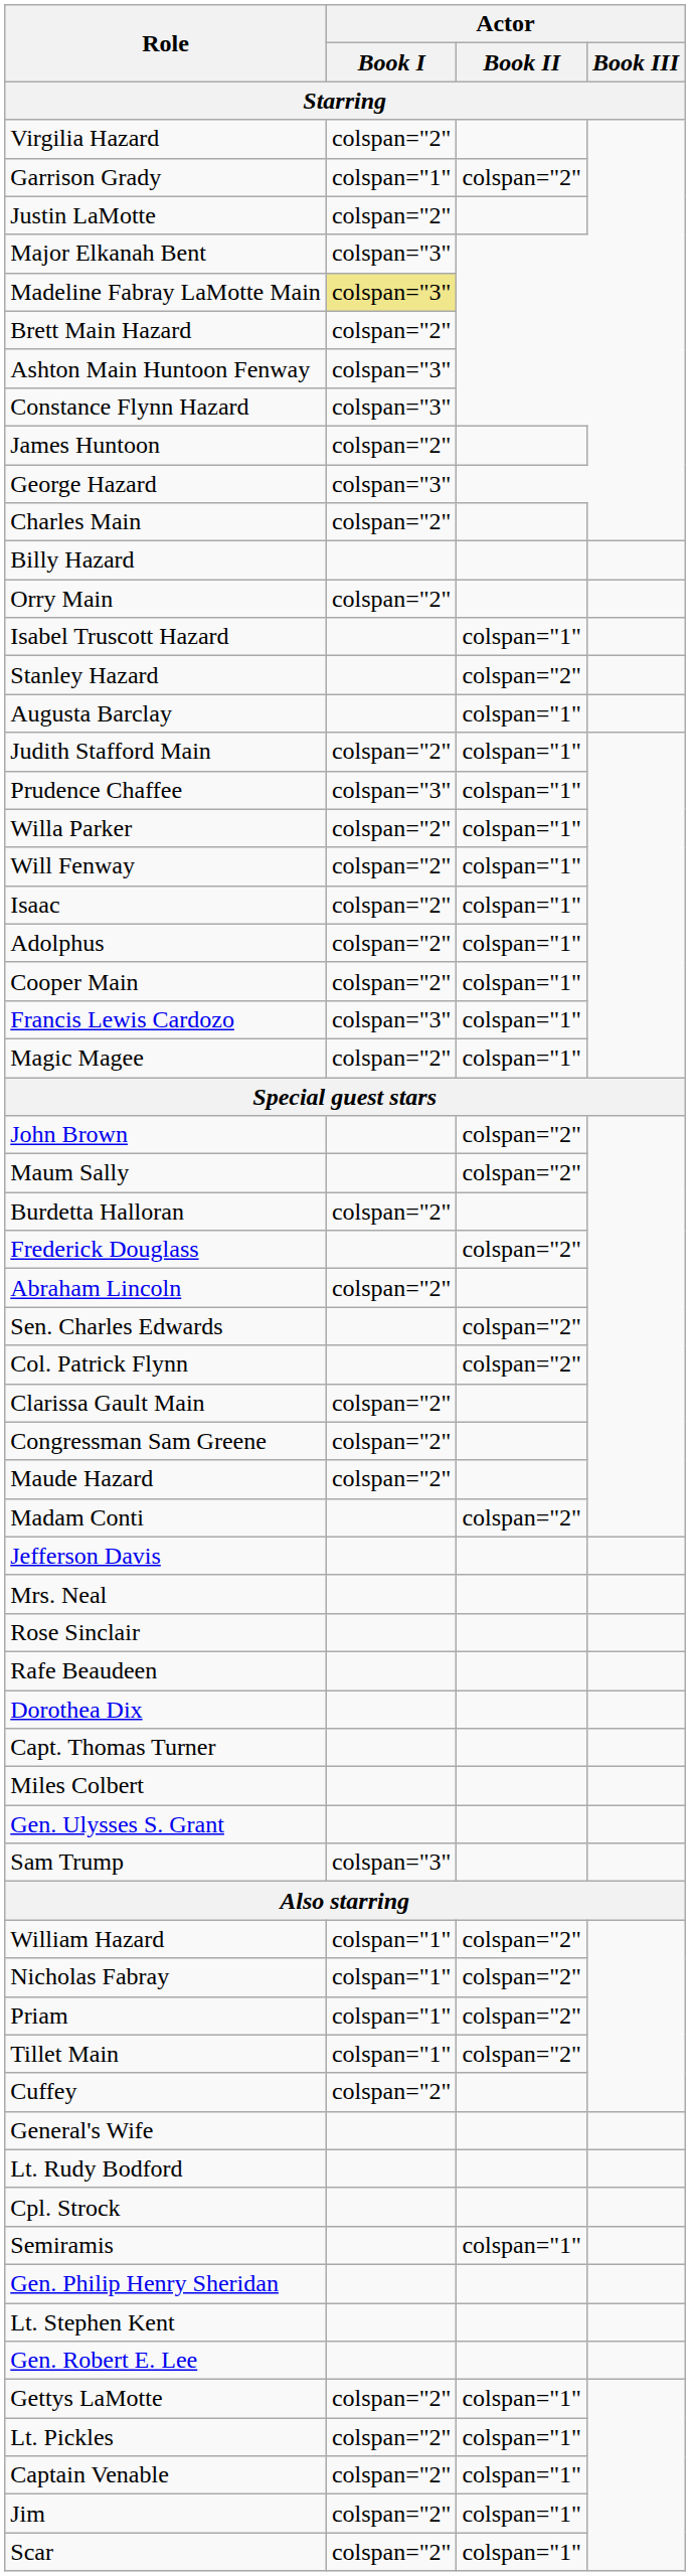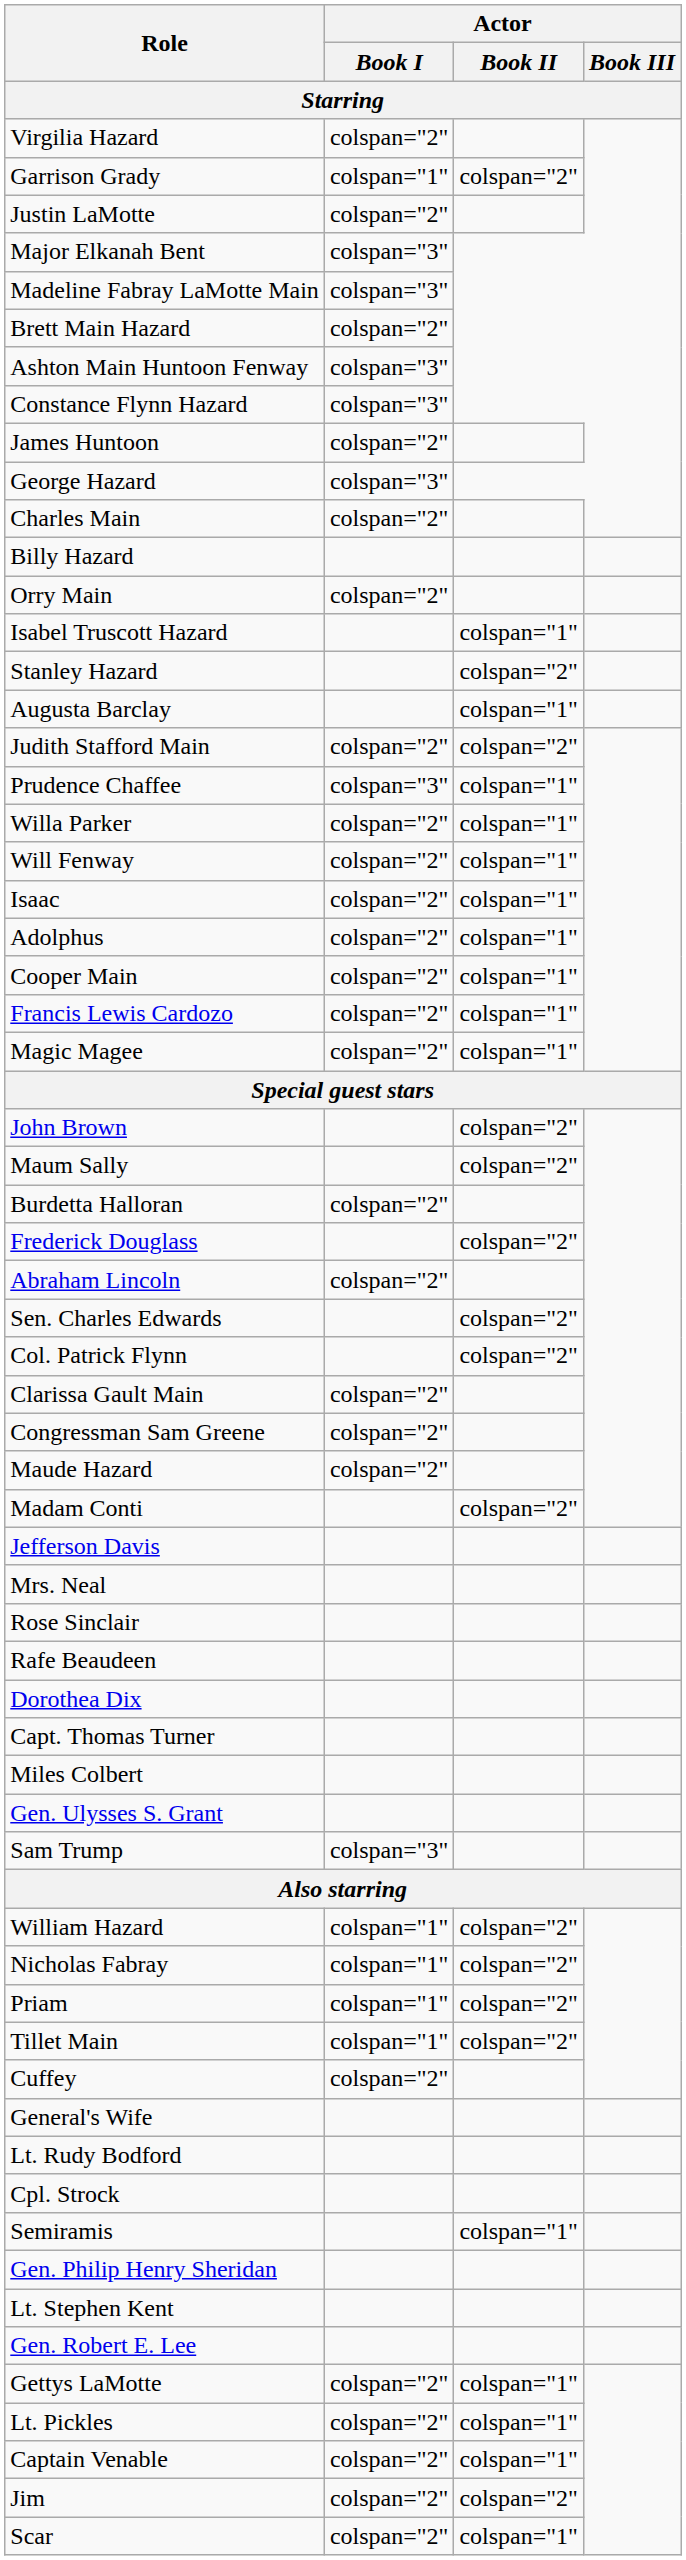 <table class="wikitable">
 <tr>
 <th rowspan="2">Role</th>
 <th colspan="3">Actor</th>
 </tr>
 <tr>
 <th><em>Book I</em></th>
 <th><em>Book II</em></th>
 <th><em>Book III</em></th>
 </tr>
 <tr>
 <th colspan="5"><em>Starring</em></th>
 </tr>
 <tr>
 <td>Virgilia Hazard</td>
 <td>colspan="2" </td>
 <td></td>
 </tr>
 <tr>
 <td>Garrison Grady</td>
 <td>colspan="1" </td>
 <td>colspan="2" </td>
 </tr>
 <tr>
 <td>Justin LaMotte</td>
 <td>colspan="2" </td>
 <td></td>
 </tr>
 <tr>
 <td>Major Elkanah Bent</td>
 <td>colspan="3" </td>
 </tr>
 <tr>
 <td>Madeline Fabray LaMotte Main</td>
-<td style="background: khaki;">colspan="3" </td>
+<td>colspan="3" </td>
 </tr>
 <tr>
 <td>Brett Main Hazard</td>
 <td>colspan="2" </td>
 </tr>
 <tr>
 <td>Ashton Main Huntoon Fenway</td>
 <td>colspan="3" </td>
 </tr>
 <tr>
 <td>Constance Flynn Hazard</td>
 <td>colspan="3" </td>
 </tr>
 <tr>
 <td>James Huntoon</td>
 <td>colspan="2" </td>
 <td></td>
 </tr>
 <tr>
 <td>George Hazard</td>
 <td>colspan="3" </td>
 </tr>
 <tr>
 <td>Charles Main</td>
 <td>colspan="2" </td>
 <td></td>
 </tr>
 <tr>
 <td>Billy Hazard</td>
 <td></td>
 <td></td>
 <td></td>
 </tr>
 <tr>
 <td>Orry Main</td>
 <td>colspan="2" </td>
 <td></td>
 </tr>
 <tr>
 <td>Isabel Truscott Hazard</td>
 <td></td>
 <td>colspan="1" </td>
 <td></td>
 </tr>
 <tr>
 <td>Stanley Hazard</td>
 <td></td>
 <td>colspan="2" </td>
 </tr>
 <tr>
 <td>Augusta Barclay</td>
 <td></td>
 <td>colspan="1" </td>
 <td></td>
 </tr>
 <tr>
 <td>Judith Stafford Main</td>
 <td>colspan="2" </td>
-<td>colspan="1" </td>
+<td>colspan="2" </td>
 </tr>
 <tr>
 <td>Prudence Chaffee</td>
 <td>colspan="3" </td>
 <td>colspan="1" </td>
 </tr>
 <tr>
 <td>Willa Parker</td>
 <td>colspan="2" </td>
 <td>colspan="1" </td>
 </tr>
 <tr>
 <td>Will Fenway</td>
 <td>colspan="2" </td>
 <td>colspan="1" </td>
 </tr>
 <tr>
 <td>Isaac</td>
 <td>colspan="2" </td>
 <td>colspan="1" </td>
 </tr>
 <tr>
 <td>Adolphus</td>
 <td>colspan="2" </td>
 <td>colspan="1" </td>
 </tr>
 <tr>
 <td>Cooper Main</td>
 <td>colspan="2" </td>
 <td>colspan="1" </td>
 </tr>
 <tr>
 <td><a href='#'>Francis Lewis Cardozo</a></td>
-<td>colspan="3" </td>
+<td>colspan="2" </td>
 <td>colspan="1" </td>
 </tr>
 <tr>
 <td>Magic Magee</td>
 <td>colspan="2" </td>
 <td>colspan="1" </td>
 </tr>
 <tr>
 <th colspan="5"><em>Special guest stars</em></th>
 </tr>
 <tr>
 <td><a href='#'>John Brown</a></td>
 <td></td>
 <td>colspan="2" </td>
 </tr>
 <tr>
 <td>Maum Sally</td>
 <td></td>
 <td>colspan="2" </td>
 </tr>
 <tr>
 <td>Burdetta Halloran</td>
 <td>colspan="2" </td>
 <td></td>
 </tr>
 <tr>
 <td><a href='#'>Frederick Douglass</a></td>
 <td></td>
 <td>colspan="2" </td>
 </tr>
 <tr>
 <td><a href='#'>Abraham Lincoln</a></td>
 <td>colspan="2" </td>
 <td></td>
 </tr>
 <tr>
 <td>Sen. Charles Edwards</td>
 <td></td>
 <td>colspan="2" </td>
 </tr>
 <tr>
 <td>Col. Patrick Flynn</td>
 <td></td>
 <td>colspan="2" </td>
 </tr>
 <tr>
 <td>Clarissa Gault Main</td>
 <td>colspan="2" </td>
 <td></td>
 </tr>
 <tr>
 <td>Congressman Sam Greene</td>
 <td>colspan="2" </td>
 <td></td>
 </tr>
 <tr>
 <td>Maude Hazard</td>
 <td>colspan="2" </td>
 <td></td>
 </tr>
 <tr>
 <td>Madam Conti</td>
 <td></td>
 <td>colspan="2" </td>
 </tr>
 <tr>
 <td><a href='#'>Jefferson Davis</a></td>
 <td></td>
 <td></td>
 <td></td>
 </tr>
 <tr>
 <td>Mrs. Neal</td>
 <td></td>
 <td></td>
 <td></td>
 </tr>
 <tr>
 <td>Rose Sinclair</td>
 <td></td>
 <td></td>
 <td></td>
 </tr>
 <tr>
 <td>Rafe Beaudeen</td>
 <td></td>
 <td></td>
 <td></td>
 </tr>
 <tr>
 <td><a href='#'>Dorothea Dix</a></td>
 <td></td>
 <td></td>
 <td></td>
 </tr>
 <tr>
 <td>Capt. Thomas Turner</td>
 <td></td>
 <td></td>
 <td></td>
 </tr>
 <tr>
 <td>Miles Colbert</td>
 <td></td>
 <td></td>
 <td></td>
 </tr>
 <tr>
 <td><a href='#'>Gen. Ulysses S. Grant</a></td>
 <td></td>
 <td></td>
 <td></td>
 </tr>
 <tr>
 <td>Sam Trump</td>
 <td>colspan="3" </td>
 <td></td>
 </tr>
 <tr>
 <th colspan="5"><em>Also starring</em></th>
 </tr>
 <tr>
 <td>William Hazard</td>
 <td>colspan="1" </td>
 <td>colspan="2" </td>
 </tr>
 <tr>
 <td>Nicholas Fabray</td>
 <td>colspan="1" </td>
 <td>colspan="2" </td>
 </tr>
 <tr>
 <td>Priam</td>
 <td>colspan="1" </td>
 <td>colspan="2" </td>
 </tr>
 <tr>
 <td>Tillet Main</td>
 <td>colspan="1" </td>
 <td>colspan="2" </td>
 </tr>
 <tr>
 <td>Cuffey</td>
 <td>colspan="2" </td>
 <td></td>
 </tr>
 <tr>
 <td>General's Wife</td>
 <td></td>
 <td></td>
 <td></td>
 </tr>
 <tr>
 <td>Lt. Rudy Bodford</td>
 <td></td>
 <td></td>
 <td></td>
 </tr>
 <tr>
 <td>Cpl. Strock</td>
 <td></td>
 <td></td>
 <td></td>
 </tr>
 <tr>
 <td>Semiramis</td>
 <td></td>
 <td>colspan="1" </td>
 <td></td>
 </tr>
 <tr>
 <td><a href='#'>Gen. Philip Henry Sheridan</a></td>
 <td></td>
 <td></td>
 <td></td>
 </tr>
 <tr>
 <td>Lt. Stephen Kent</td>
 <td></td>
 <td></td>
 <td></td>
 </tr>
 <tr>
 <td><a href='#'>Gen. Robert E. Lee</a></td>
 <td></td>
 <td></td>
 <td></td>
 </tr>
 <tr>
 <td>Gettys LaMotte</td>
 <td>colspan="2" </td>
 <td>colspan="1" </td>
 </tr>
 <tr>
 <td>Lt. Pickles</td>
 <td>colspan="2" </td>
 <td>colspan="1" </td>
 </tr>
 <tr>
 <td>Captain Venable</td>
 <td>colspan="2" </td>
 <td>colspan="1" </td>
 </tr>
 <tr>
 <td>Jim</td>
 <td>colspan="2" </td>
-<td>colspan="1" </td>
+<td>colspan="2" </td>
 </tr>
 <tr>
 <td>Scar</td>
 <td>colspan="2" </td>
 <td>colspan="1" </td>
 </tr>
 </table>
